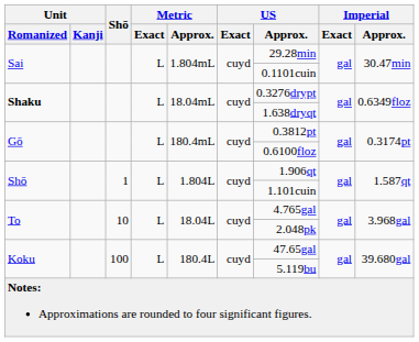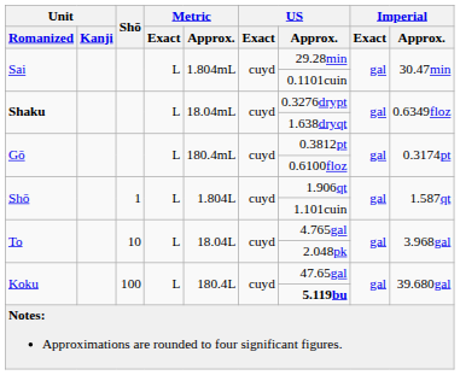 <table class="wikitable">
 <tr>
 <th colspan="2">Unit</th>
 <th rowspan="2">Shō</th>
 <th colspan="2"><a href='#'>Metric</a></th>
 <th colspan="2"><a href='#'>US</a></th>
 <th colspan="3"><a href='#'>Imperial</a></th>
 </tr>
 <tr>
 <th><a href='#'>Romanized</a></th>
 <th><a href='#'>Kanji</a></th>
 <th>Exact</th>
 <th>Approx.</th>
 <th>Exact</th>
 <th>Approx.</th>
 <th>Exact</th>
 <th>Approx.</th>
 </tr>
 <tr style="text-align: right">
 <td rowspan=2 style="text-align:left;"><a href='#'>Sai</a></td>
 <td rowspan=2 align="center"></td>
 <td rowspan=2 height="30pt"></td>
 <td rowspan=2>L</td>
 <td rowspan=2>1.804mL</td>
 <td rowspan=2>cuyd</td>
 <td>29.28<a href='#'>min</a></td>
 <td rowspan=2><a href='#'>gal</a></td>
 <td rowspan=2>30.47<a href='#'>min</a></td>
 </tr>
 <tr style="text-align: right">
 <td>0.1101cuin</td>
 </tr>
 <tr style="text-align: right">
 <td rowspan=2 style="text-align:left;"><strong>Shaku</strong></td>
 <td rowspan=2 align="center"></td>
 <td rowspan=2 height="30pt"></td>
 <td rowspan=2>L</td>
 <td rowspan=2>18.04mL</td>
 <td rowspan=2>cuyd</td>
 <td>0.3276<a href='#'>drypt</a></td>
 <td rowspan=2><a href='#'>gal</a></td>
 <td rowspan=2>0.6349<a href='#'>floz</a></td>
 </tr>
 <tr style="text-align: right">
 <td>1.638<a href='#'>dryqt</a></td>
 </tr>
 <tr style="text-align: right">
 <td rowspan=2 style="text-align:left;"><a href='#'>Gō</a></td>
 <td rowspan=2 align="center"></td>
 <td rowspan=2 height="30pt"></td>
 <td rowspan=2>L</td>
 <td rowspan=2>180.4mL</td>
 <td rowspan=2>cuyd</td>
 <td>0.3812<a href='#'>pt</a></td>
 <td rowspan=2><a href='#'>gal</a></td>
 <td rowspan=2>0.3174<a href='#'>pt</a></td>
 </tr>
 <tr style="text-align: right">
 <td>0.6100<a href='#'>floz</a></td>
 </tr>
 <tr style="text-align: right">
 <td rowspan=2 style="text-align:left;"><a href='#'>Shō</a></td>
 <td rowspan=2 align="center"></td>
 <td rowspan=2>1</td>
 <td rowspan=2>L</td>
 <td rowspan=2>1.804L</td>
 <td rowspan=2>cuyd</td>
 <td>1.906<a href='#'>qt</a></td>
 <td rowspan=2><a href='#'>gal</a></td>
 <td rowspan=2>1.587<a href='#'>qt</a></td>
 </tr>
 <tr style="text-align: right">
 <td>1.101cuin</td>
 </tr>
 <tr style="text-align: right">
 <td rowspan=2 style="text-align:left;"><a href='#'>To</a></td>
 <td rowspan=2 align="center"></td>
 <td rowspan=2>10</td>
 <td rowspan=2>L</td>
 <td rowspan=2>18.04L</td>
 <td rowspan=2>cuyd</td>
 <td>4.765<a href='#'>gal</a></td>
 <td rowspan=2><a href='#'>gal</a></td>
 <td rowspan=2>3.968<a href='#'>gal</a></td>
 </tr>
 <tr style="text-align: right">
 <td>2.048<a href='#'>pk</a></td>
 </tr>
 <tr style="text-align: right">
 <td rowspan=2 style="text-align:left;"><a href='#'>Koku</a></td>
 <td rowspan=2 align="center"></td>
 <td rowspan=2>100</td>
 <td rowspan=2>L</td>
 <td rowspan=2>180.4L</td>
 <td rowspan=2>cuyd</td>
 <td>47.65<a href='#'>gal</a></td>
 <td rowspan=2><a href='#'>gal</a></td>
 <td rowspan=2>39.680<a href='#'>gal</a></td>
 </tr>
 <tr style="text-align: right">
-<td>5.119<a href='#'>bu</a></td>
+<td><strong>5.119<a href='#'>bu</a></strong></td>
 </tr>
 <tr>
 <td colspan="13" bgcolor=#F0F0F0><strong>Notes:</strong><br><ul><li>Approximations are rounded to four significant figures.</li></ul></td>
 </tr>
 </table>
